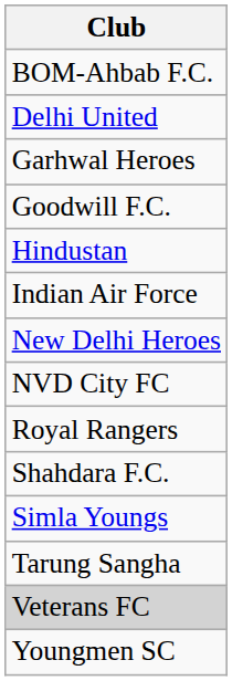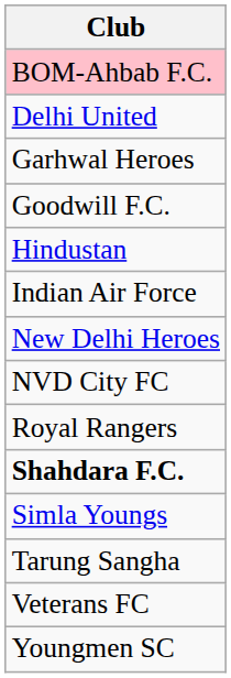 <table class="wikitable" style="text-align:center;">
 <tr>
 <th>Club</th>
 </tr>
 <tr>
-<td style="text-align:left;">BOM-Ahbab F.C.</td>
+<td style="background: pink; text-align:left;">BOM-Ahbab F.C.</td>
 </tr>
 <tr>
 <td style="text-align:left;"><a href='#'>Delhi United</a></td>
 </tr>
 <tr>
 <td style="text-align:left;">Garhwal Heroes</td>
 </tr>
 <tr>
 <td style="text-align:left;">Goodwill F.C.</td>
 </tr>
 <tr>
 <td style="text-align:left;"><a href='#'>Hindustan</a></td>
 </tr>
 <tr>
 <td style="text-align:left;">Indian Air Force</td>
 </tr>
 <tr>
 <td style="text-align:left;"><a href='#'>New Delhi Heroes</a></td>
 </tr>
 <tr>
 <td style="text-align:left;">NVD City FC</td>
 </tr>
 <tr>
 <td style="text-align:left;">Royal Rangers</td>
 </tr>
 <tr>
-<td style="text-align:left;">Shahdara F.C.</td>
+<td style="text-align:left;"><strong>Shahdara F.C.</strong></td>
 </tr>
 <tr>
 <td style="text-align:left;"><a href='#'>Simla Youngs</a></td>
 </tr>
 <tr>
 <td style="text-align:left;">Tarung Sangha</td>
 </tr>
 <tr>
-<td style="background: lightgrey; text-align:left;">Veterans FC</td>
+<td style="text-align:left;">Veterans FC</td>
 </tr>
 <tr>
 <td style="text-align:left;">Youngmen SC</td>
 </tr>
 </table>
